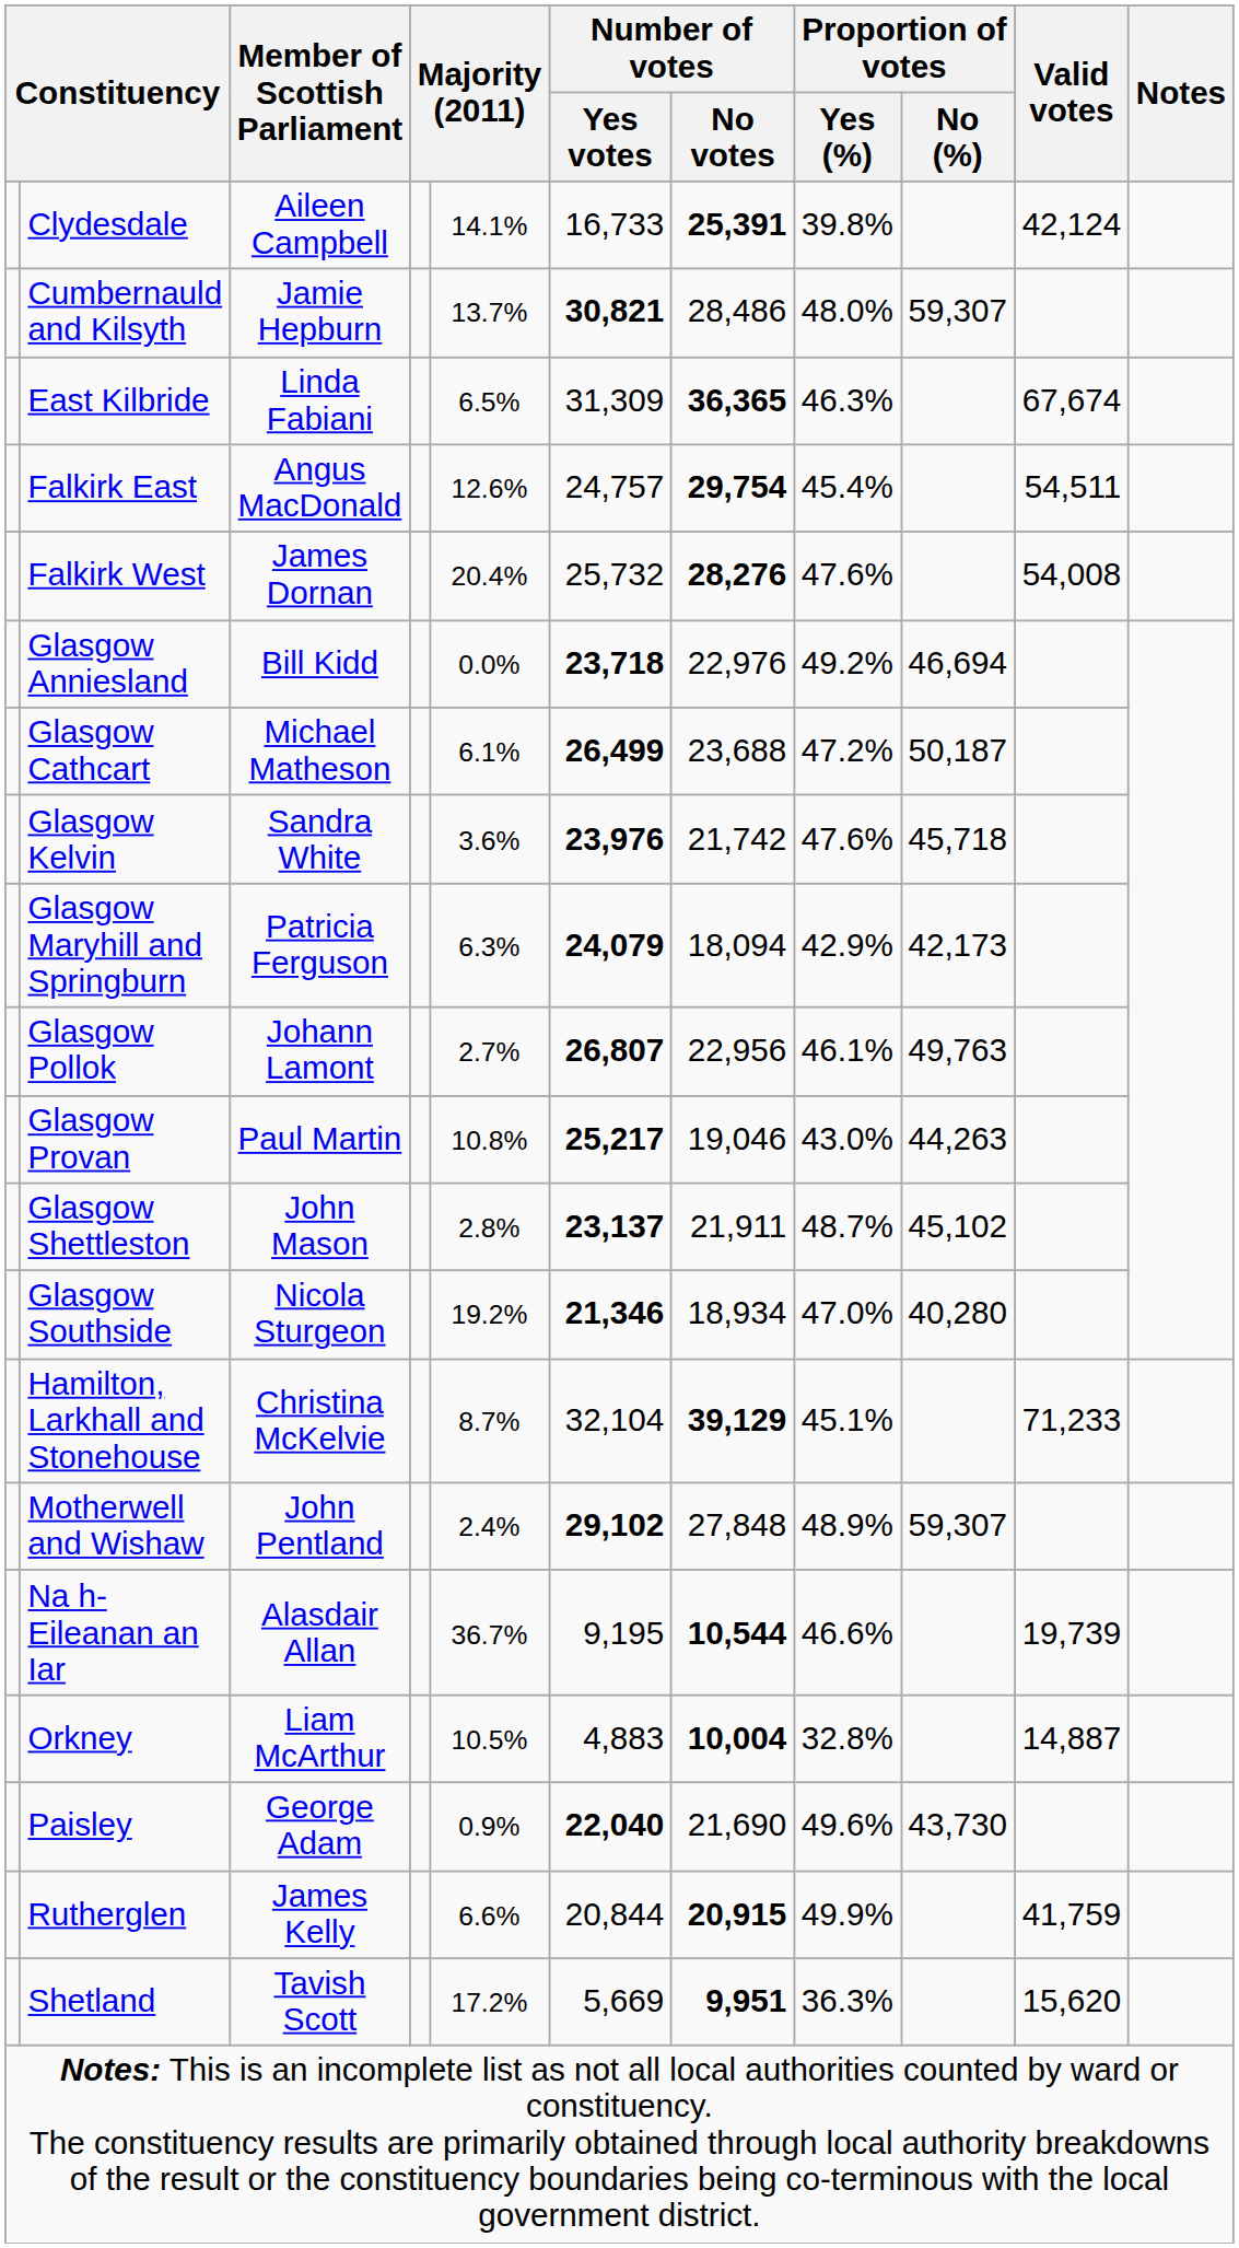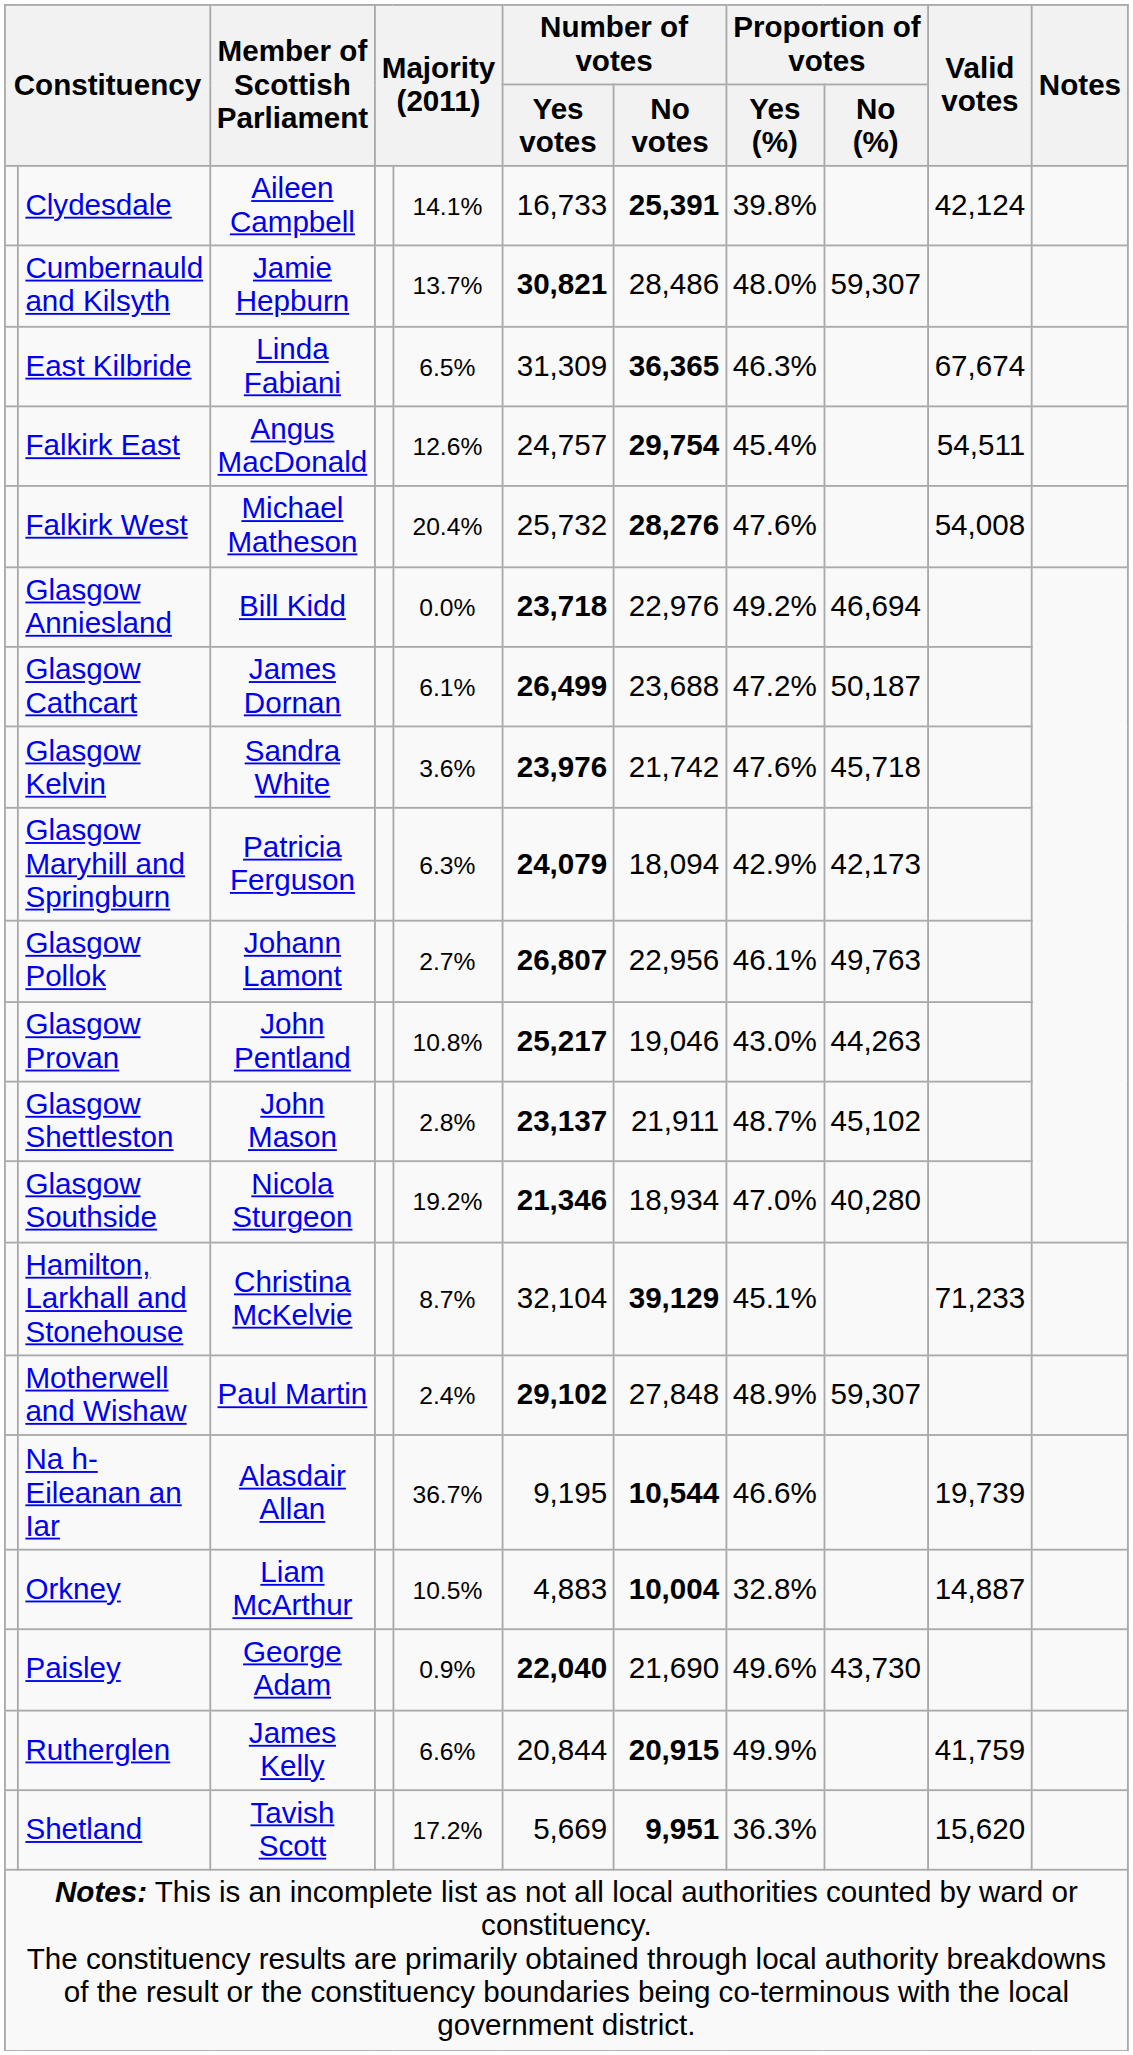 <table class="wikitable sortable" style="text-align: right">
 <tr>
 <th rowspan=2 colspan=2>Constituency</th>
 <th rowspan=2>Member of Scottish Parliament</th>
 <th rowspan=2 colspan=2>Majority (2011)</th>
 <th colspan=2>Number of votes</th>
 <th colspan=2>Proportion of votes</th>
 <th rowspan=2>Valid votes</th>
 <th rowspan=2>Notes</th>
 </tr>
 <tr>
 <th scope="col" style="width:13%">Yes votes</th>
 <th scope="col" style="width:13%">No votes</th>
 <th>Yes (%)</th>
 <th>No (%)</th>
 </tr>
 <tr>
 <td></td>
 <td scope="row" style="text-align:left"><a href='#'>Clydesdale</a></td>
 <td style="text-align:center;"><a href='#'>Aileen Campbell</a></td>
 <td></td>
 <td style="text-align: center;"><small>14.1%</small></td>
 <td>16,733</td>
 <td><strong>25,391</strong></td>
 <td>39.8%</td>
 <td></td>
 <td>42,124</td>
 <td></td>
 </tr>
 <tr>
 <td></td>
 <td scope="row" style="text-align:left"><a href='#'>Cumbernauld and Kilsyth</a></td>
 <td style="text-align:center;"><a href='#'>Jamie Hepburn</a></td>
 <td></td>
 <td style="text-align: center;"><small>13.7%</small></td>
 <td><strong>30,821</strong></td>
 <td>28,486<br></td>
 <td>48.0%</td>
 <td>59,307</td>
 <td></td>
 </tr>
 <tr>
 <td></td>
 <td scope="row" style="text-align:left"><a href='#'>East Kilbride</a></td>
 <td style="text-align:center;"><a href='#'>Linda Fabiani</a></td>
 <td></td>
 <td style="text-align: center;"><small>6.5%</small></td>
 <td>31,309</td>
 <td><strong>36,365</strong></td>
 <td>46.3%</td>
 <td></td>
 <td>67,674</td>
 <td></td>
 </tr>
 <tr>
 <td></td>
 <td scope="row" style="text-align:left"><a href='#'>Falkirk East</a></td>
 <td style="text-align:center;"><a href='#'>Angus MacDonald</a></td>
 <td></td>
 <td style="text-align: center;"><small>12.6%</small></td>
 <td>24,757</td>
 <td><strong>29,754</strong></td>
 <td>45.4%</td>
 <td></td>
 <td>54,511</td>
 <td></td>
 </tr>
 <tr>
 <td></td>
 <td scope="row" style="text-align:left"><a href='#'>Falkirk West</a></td>
-<td style="text-align:center;"><a href='#'>James Dornan</a></td>
+<td style="text-align:center;"><a href='#'>Michael Matheson</a></td>
 <td></td>
 <td style="text-align: center;"><small>20.4%</small></td>
 <td>25,732</td>
 <td><strong>28,276</strong></td>
 <td>47.6%</td>
 <td></td>
 <td>54,008</td>
 <td></td>
 </tr>
 <tr>
 <td></td>
 <td scope="row" style="text-align:left"><a href='#'>Glasgow Anniesland</a></td>
 <td style="text-align:center;"><a href='#'>Bill Kidd</a></td>
 <td></td>
 <td style="text-align: center;"><small>0.0%</small></td>
 <td><strong>23,718</strong></td>
 <td>22,976<br></td>
 <td>49.2%</td>
 <td>46,694</td>
 <td></td>
 </tr>
 <tr>
 <td></td>
 <td scope="row" style="text-align:left"><a href='#'>Glasgow Cathcart</a></td>
-<td style="text-align:center;"><a href='#'>Michael Matheson</a></td>
+<td style="text-align:center;"><a href='#'>James Dornan</a></td>
 <td></td>
 <td style="text-align: center;"><small>6.1%</small></td>
 <td><strong>26,499</strong></td>
 <td>23,688<br></td>
 <td>47.2%</td>
 <td>50,187</td>
 <td></td>
 </tr>
 <tr>
 <td></td>
 <td scope="row" style="text-align:left"><a href='#'>Glasgow Kelvin</a></td>
 <td style="text-align:center;"><a href='#'>Sandra White</a></td>
 <td></td>
 <td style="text-align: center;"><small>3.6%</small></td>
 <td><strong>23,976</strong></td>
 <td>21,742<br></td>
 <td>47.6%</td>
 <td>45,718</td>
 <td></td>
 </tr>
 <tr>
 <td></td>
 <td scope="row" style="text-align:left"><a href='#'>Glasgow Maryhill and Springburn</a></td>
 <td style="text-align:center;"><a href='#'>Patricia Ferguson</a></td>
 <td></td>
 <td style="text-align: center;"><small>6.3%</small></td>
 <td><strong>24,079</strong></td>
 <td>18,094<br></td>
 <td>42.9%</td>
 <td>42,173</td>
 <td></td>
 </tr>
 <tr>
 <td></td>
 <td scope="row" style="text-align:left"><a href='#'>Glasgow Pollok</a></td>
 <td style="text-align:center;"><a href='#'>Johann Lamont</a></td>
 <td></td>
 <td style="text-align: center;"><small>2.7%</small></td>
 <td><strong>26,807</strong></td>
 <td>22,956<br></td>
 <td>46.1%</td>
 <td>49,763</td>
 <td></td>
 </tr>
 <tr>
 <td></td>
 <td scope="row" style="text-align:left"><a href='#'>Glasgow Provan</a></td>
-<td style="text-align:center;"><a href='#'>Paul Martin</a></td>
+<td style="text-align:center;"><a href='#'>John Pentland</a></td>
 <td></td>
 <td style="text-align: center;"><small>10.8%</small></td>
 <td><strong>25,217</strong></td>
 <td>19,046<br></td>
 <td>43.0%</td>
 <td>44,263</td>
 <td></td>
 </tr>
 <tr>
 <td></td>
 <td scope="row" style="text-align:left"><a href='#'>Glasgow Shettleston</a></td>
 <td style="text-align:center;"><a href='#'>John Mason</a></td>
 <td></td>
 <td style="text-align: center;"><small>2.8%</small></td>
 <td><strong>23,137</strong></td>
 <td>21,911<br></td>
 <td>48.7%</td>
 <td>45,102</td>
 <td></td>
 </tr>
 <tr>
 <td></td>
 <td scope="row" style="text-align:left"><a href='#'>Glasgow Southside</a></td>
 <td style="text-align:center;"><a href='#'>Nicola Sturgeon</a></td>
 <td></td>
 <td style="text-align: center;"><small>19.2%</small></td>
 <td><strong>21,346</strong></td>
 <td>18,934<br></td>
 <td>47.0%</td>
 <td>40,280</td>
 <td></td>
 </tr>
 <tr>
 <td></td>
 <td scope="row" style="text-align:left"><a href='#'>Hamilton, Larkhall and Stonehouse</a></td>
 <td style="text-align:center;"><a href='#'>Christina McKelvie</a></td>
 <td></td>
 <td style="text-align: center;"><small>8.7%</small></td>
 <td>32,104</td>
 <td><strong>39,129</strong></td>
 <td>45.1%</td>
 <td></td>
 <td>71,233</td>
 <td></td>
 </tr>
 <tr>
 <td></td>
 <td scope="row" style="text-align:left"><a href='#'>Motherwell and Wishaw</a></td>
-<td style="text-align:center;"><a href='#'>John Pentland</a></td>
+<td style="text-align:center;"><a href='#'>Paul Martin</a></td>
 <td></td>
 <td style="text-align: center;"><small>2.4%</small></td>
 <td><strong>29,102</strong></td>
 <td>27,848<br></td>
 <td>48.9%</td>
 <td>59,307</td>
 <td></td>
 </tr>
 <tr>
 <td></td>
 <td scope="row" style="text-align:left"><a href='#'>Na h-Eileanan an Iar</a></td>
 <td style="text-align:center;"><a href='#'>Alasdair Allan</a></td>
 <td></td>
 <td style="text-align: center;"><small>36.7%</small></td>
 <td>9,195</td>
 <td><strong>10,544</strong></td>
 <td>46.6%</td>
 <td></td>
 <td>19,739</td>
 <td></td>
 </tr>
 <tr>
 <td></td>
 <td scope="row" style="text-align:left"><a href='#'>Orkney</a></td>
 <td style="text-align:center;"><a href='#'>Liam McArthur</a></td>
 <td></td>
 <td style="text-align: center;"><small>10.5%</small></td>
 <td>4,883</td>
 <td><strong>10,004</strong></td>
 <td>32.8%</td>
 <td></td>
 <td>14,887</td>
 <td></td>
 </tr>
 <tr>
 <td></td>
 <td scope="row" style="text-align:left"><a href='#'>Paisley</a></td>
 <td style="text-align:center;"><a href='#'>George Adam</a></td>
 <td></td>
 <td style="text-align: center;"><small>0.9%</small></td>
 <td><strong>22,040</strong></td>
 <td>21,690<br></td>
 <td>49.6%</td>
 <td>43,730</td>
 <td></td>
 </tr>
 <tr>
 <td></td>
 <td scope="row" style="text-align:left"><a href='#'>Rutherglen</a></td>
 <td style="text-align:center;"><a href='#'>James Kelly</a></td>
 <td></td>
 <td style="text-align: center;"><small>6.6%</small></td>
 <td>20,844</td>
 <td><strong>20,915</strong></td>
 <td>49.9%</td>
 <td></td>
 <td>41,759</td>
 <td></td>
 </tr>
 <tr>
 <td></td>
 <td scope="row" style="text-align:left"><a href='#'>Shetland</a></td>
 <td style="text-align:center;"><a href='#'>Tavish Scott</a></td>
 <td></td>
 <td style="text-align: center;"><small>17.2%</small></td>
 <td>5,669</td>
 <td><strong>9,951</strong></td>
 <td>36.3%</td>
 <td></td>
 <td>15,620</td>
 <td></td>
 </tr>
 <tr>
 <td colspan="11" scope="row" style="text-align:center"><strong><em>Notes:</em></strong> This is an incomplete list as not all local authorities counted by ward or constituency. <br>The constituency results are primarily obtained through local authority breakdowns of the result or the constituency boundaries being co-terminous with the local government district.<br></td>
 </tr>
 </table>
